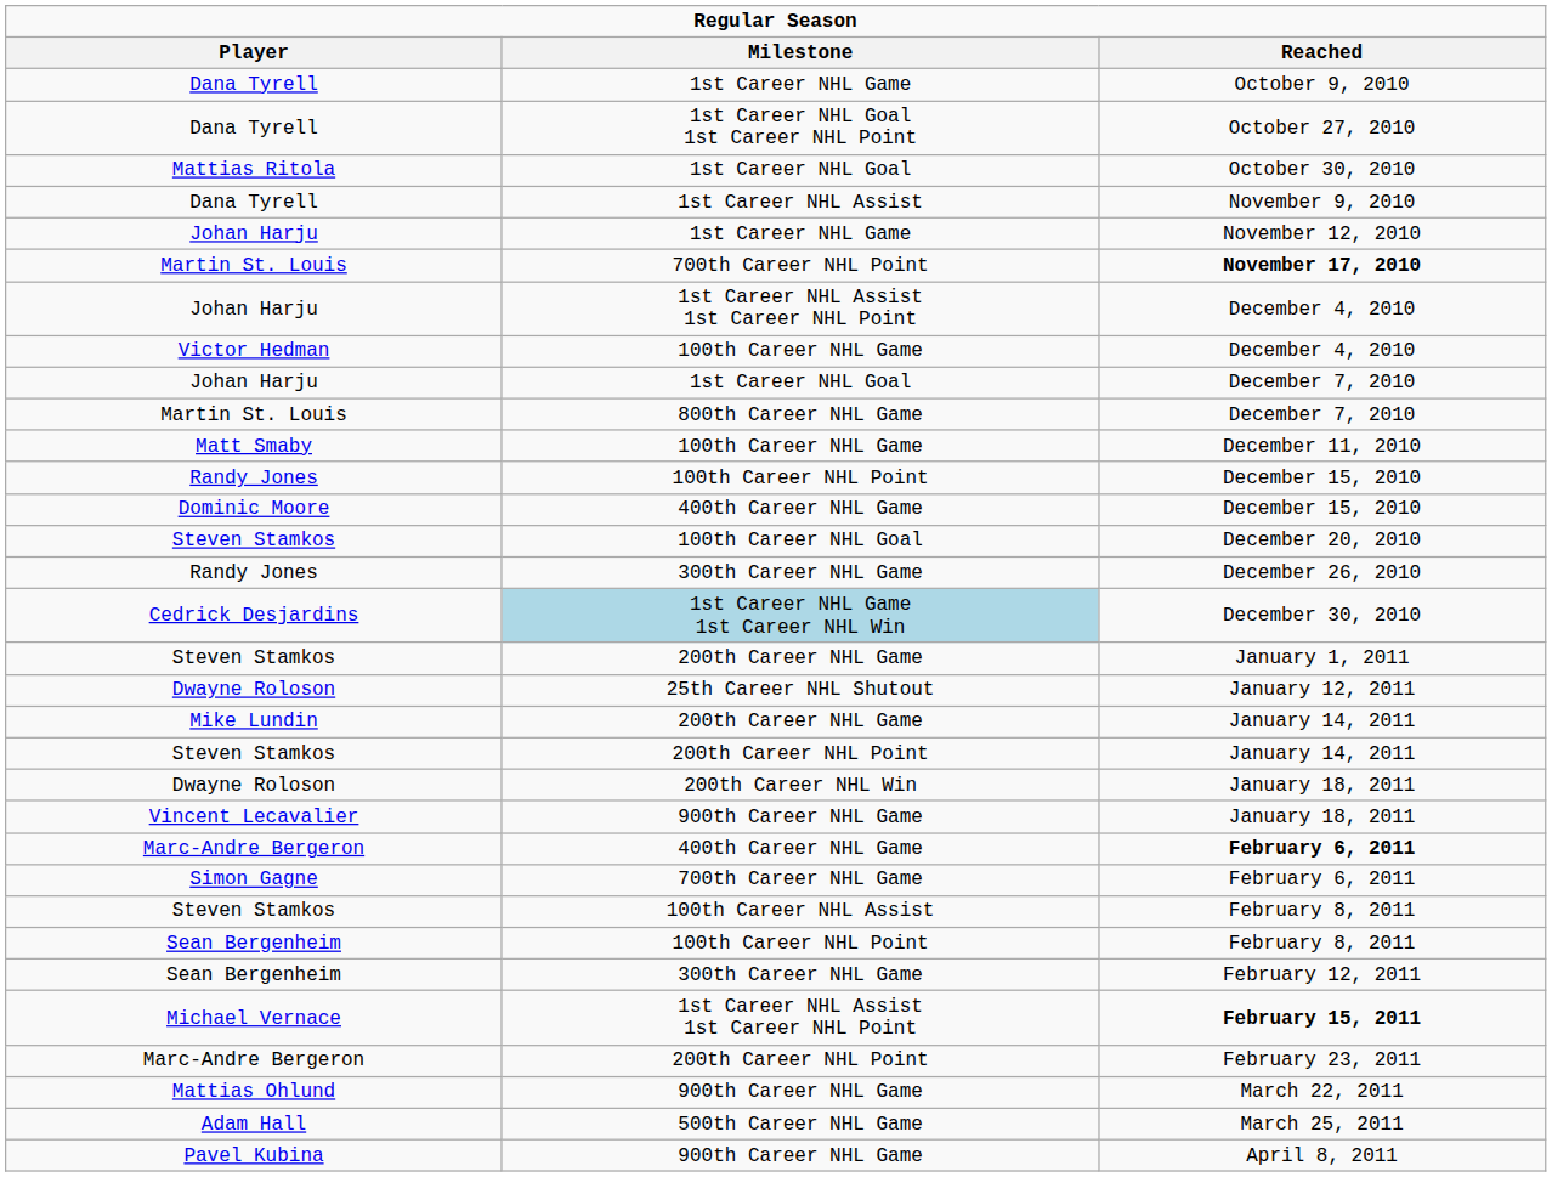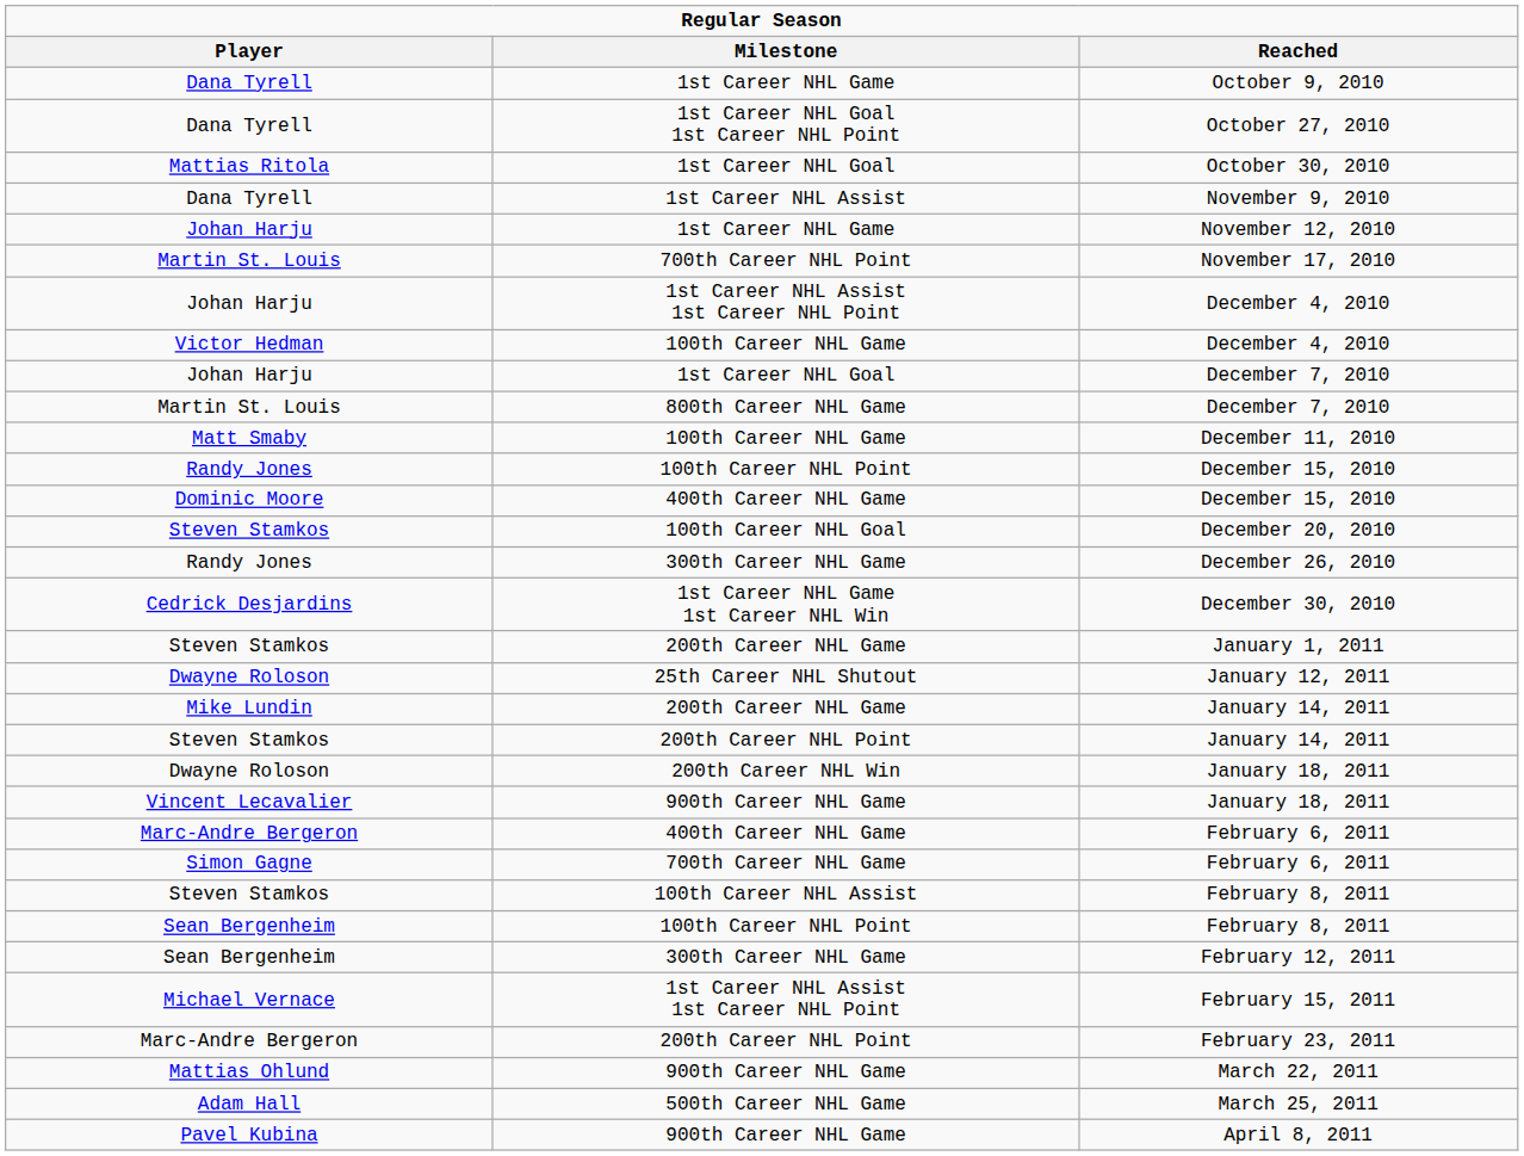 <table class="wikitable"  style="width:52%; text-align:center;">
 <tr>
 <td colspan="10" style="text-align:center;"><strong>Regular Season</strong></td>
 </tr>
 <tr>
 <th>Player</th>
 <th>Milestone</th>
 <th>Reached</th>
 </tr>
 <tr>
 <td><a href='#'>Dana Tyrell</a></td>
 <td>1st Career NHL Game</td>
 <td>October 9, 2010</td>
 </tr>
 <tr>
 <td>Dana Tyrell</td>
 <td>1st Career NHL Goal<br>1st Career NHL Point</td>
 <td>October 27, 2010</td>
 </tr>
 <tr>
 <td><a href='#'>Mattias Ritola</a></td>
 <td>1st Career NHL Goal</td>
 <td>October 30, 2010</td>
 </tr>
 <tr>
 <td>Dana Tyrell</td>
 <td>1st Career NHL Assist</td>
 <td>November 9, 2010</td>
 </tr>
 <tr>
 <td><a href='#'>Johan Harju</a></td>
 <td>1st Career NHL Game</td>
 <td>November 12, 2010</td>
 </tr>
 <tr>
 <td><a href='#'>Martin St. Louis</a></td>
 <td>700th Career NHL Point</td>
-<td><strong>November 17, 2010</strong></td>
+<td>November 17, 2010</td>
 </tr>
 <tr>
 <td>Johan Harju</td>
 <td>1st Career NHL Assist<br>1st Career NHL Point</td>
 <td>December 4, 2010</td>
 </tr>
 <tr>
 <td><a href='#'>Victor Hedman</a></td>
 <td>100th Career NHL Game</td>
 <td>December 4, 2010</td>
 </tr>
 <tr>
 <td>Johan Harju</td>
 <td>1st Career NHL Goal</td>
 <td>December 7, 2010</td>
 </tr>
 <tr>
 <td>Martin St. Louis</td>
 <td>800th Career NHL Game</td>
 <td>December 7, 2010</td>
 </tr>
 <tr>
 <td><a href='#'>Matt Smaby</a></td>
 <td>100th Career NHL Game</td>
 <td>December 11, 2010</td>
 </tr>
 <tr>
 <td><a href='#'>Randy Jones</a></td>
 <td>100th Career NHL Point</td>
 <td>December 15, 2010</td>
 </tr>
 <tr>
 <td><a href='#'>Dominic Moore</a></td>
 <td>400th Career NHL Game</td>
 <td>December 15, 2010</td>
 </tr>
 <tr>
 <td><a href='#'>Steven Stamkos</a></td>
 <td>100th Career NHL Goal</td>
 <td>December 20, 2010</td>
 </tr>
 <tr>
 <td>Randy Jones</td>
 <td>300th Career NHL Game</td>
 <td>December 26, 2010</td>
 </tr>
 <tr>
 <td><a href='#'>Cedrick Desjardins</a></td>
-<td style="background: lightblue;">1st Career NHL Game<br>1st Career NHL Win</td>
+<td>1st Career NHL Game<br>1st Career NHL Win</td>
 <td>December 30, 2010</td>
 </tr>
 <tr>
 <td>Steven Stamkos</td>
 <td>200th Career NHL Game</td>
 <td>January 1, 2011</td>
 </tr>
 <tr>
 <td><a href='#'>Dwayne Roloson</a></td>
 <td>25th Career NHL Shutout</td>
 <td>January 12, 2011</td>
 </tr>
 <tr>
 <td><a href='#'>Mike Lundin</a></td>
 <td>200th Career NHL Game</td>
 <td>January 14, 2011</td>
 </tr>
 <tr>
 <td>Steven Stamkos</td>
 <td>200th Career NHL Point</td>
 <td>January 14, 2011</td>
 </tr>
 <tr>
 <td>Dwayne Roloson</td>
 <td>200th Career NHL Win</td>
 <td>January 18, 2011</td>
 </tr>
 <tr>
 <td><a href='#'>Vincent Lecavalier</a></td>
 <td>900th Career NHL Game</td>
 <td>January 18, 2011</td>
 </tr>
 <tr>
 <td><a href='#'>Marc-Andre Bergeron</a></td>
 <td>400th Career NHL Game</td>
-<td><strong>February 6, 2011</strong></td>
+<td>February 6, 2011</td>
 </tr>
 <tr>
 <td><a href='#'>Simon Gagne</a></td>
 <td>700th Career NHL Game</td>
 <td>February 6, 2011</td>
 </tr>
 <tr>
 <td>Steven Stamkos</td>
 <td>100th Career NHL Assist</td>
 <td>February 8, 2011</td>
 </tr>
 <tr>
 <td><a href='#'>Sean Bergenheim</a></td>
 <td>100th Career NHL Point</td>
 <td>February 8, 2011</td>
 </tr>
 <tr>
 <td>Sean Bergenheim</td>
 <td>300th Career NHL Game</td>
 <td>February 12, 2011</td>
 </tr>
 <tr>
 <td><a href='#'>Michael Vernace</a></td>
 <td>1st Career NHL Assist<br>1st Career NHL Point</td>
-<td><strong>February 15, 2011</strong></td>
+<td>February 15, 2011</td>
 </tr>
 <tr>
 <td>Marc-Andre Bergeron</td>
 <td>200th Career NHL Point</td>
 <td>February 23, 2011</td>
 </tr>
 <tr>
 <td><a href='#'>Mattias Ohlund</a></td>
 <td>900th Career NHL Game</td>
 <td>March 22, 2011</td>
 </tr>
 <tr>
 <td><a href='#'>Adam Hall</a></td>
 <td>500th Career NHL Game</td>
 <td>March 25, 2011</td>
 </tr>
 <tr>
 <td><a href='#'>Pavel Kubina</a></td>
 <td>900th Career NHL Game</td>
 <td>April 8, 2011</td>
 </tr>
 </table>
